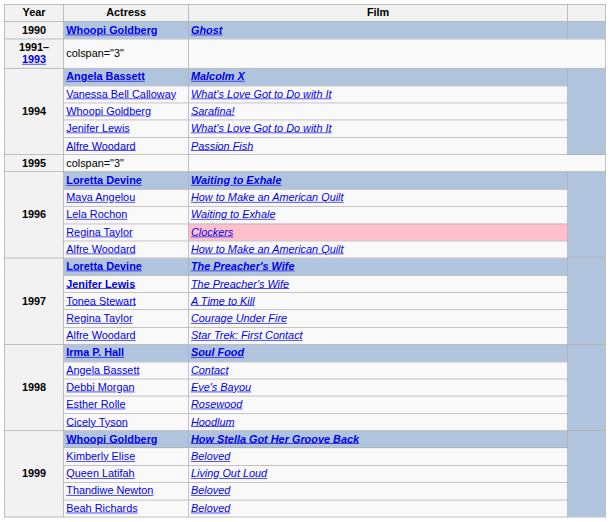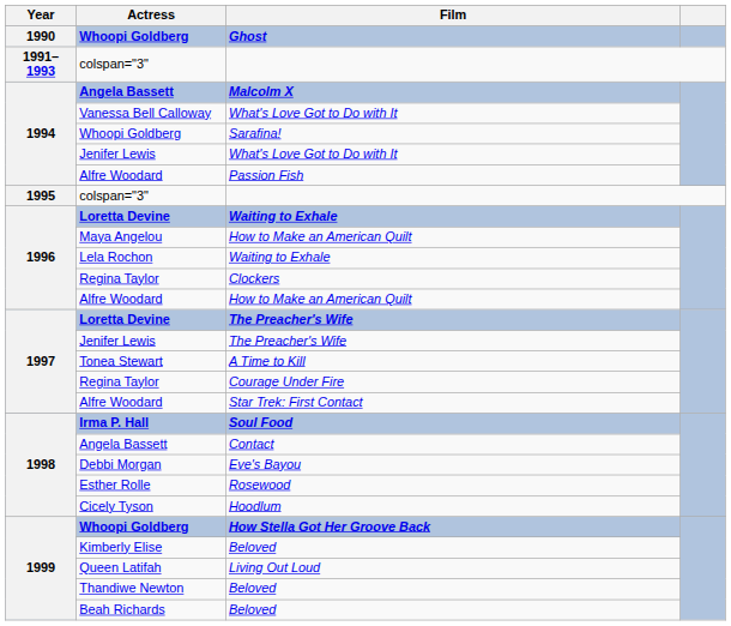 <table class="wikitable" style="width:70%;">
 <tr style="background:#bebebe;">
 <th scope="col" style="width:5em;">Year</th>
 <th scope="col" style="width:11em;">Actress</th>
 <th scope="col">Film</th>
 <th scope="col" style="width:3em;"></th>
 </tr>
 <tr style="background:#B0C4DE; font-weight:bold;">
 <th scope="row">1990</th>
 <td><a href='#'>Whoopi Goldberg</a></td>
 <td><em><a href='#'>Ghost</a></em></td>
 <td style="text-align:center;"></td>
 </tr>
 <tr>
 <th scope="row">1991–<a href='#'>1993</a></th>
 <td>colspan="3" </td>
 </tr>
 <tr style="background:#B0C4DE; font-weight:bold;">
 <th scope="row" rowspan="5">1994</th>
 <td><a href='#'>Angela Bassett</a></td>
 <td><em><a href='#'>Malcolm X</a></em></td>
 <td rowspan="5" style="text-align:center;"></td>
 </tr>
 <tr>
 <td><a href='#'>Vanessa Bell Calloway</a></td>
 <td><em><a href='#'>What's Love Got to Do with It</a></em></td>
 </tr>
 <tr>
 <td><a href='#'>Whoopi Goldberg</a></td>
 <td><em><a href='#'>Sarafina!</a></em></td>
 </tr>
 <tr>
 <td><a href='#'>Jenifer Lewis</a></td>
 <td><em><a href='#'>What's Love Got to Do with It</a></em></td>
 </tr>
 <tr>
 <td><a href='#'>Alfre Woodard</a></td>
 <td><em><a href='#'>Passion Fish</a></em></td>
 </tr>
 <tr>
 <th scope="row">1995</th>
 <td>colspan="3" </td>
 </tr>
 <tr style="background:#B0C4DE; font-weight:bold;">
 <th scope="row" rowspan="5">1996</th>
 <td><a href='#'>Loretta Devine</a></td>
 <td><em><a href='#'>Waiting to Exhale</a></em></td>
 <td rowspan="5" style="text-align:center;"></td>
 </tr>
 <tr>
 <td><a href='#'>Maya Angelou</a></td>
 <td><em><a href='#'>How to Make an American Quilt</a></em></td>
 </tr>
 <tr>
 <td><a href='#'>Lela Rochon</a></td>
 <td><em><a href='#'>Waiting to Exhale</a></em></td>
 </tr>
 <tr>
 <td><a href='#'>Regina Taylor</a></td>
-<td style="background: pink;"><em><a href='#'>Clockers</a></em></td>
+<td><em><a href='#'>Clockers</a></em></td>
 </tr>
 <tr>
 <td><a href='#'>Alfre Woodard</a></td>
 <td><em><a href='#'>How to Make an American Quilt</a></em></td>
 </tr>
 <tr style="background:#B0C4DE; font-weight:bold;">
 <th scope="row" rowspan="5">1997</th>
 <td><a href='#'>Loretta Devine</a></td>
 <td><em><a href='#'>The Preacher's Wife</a></em></td>
 <td rowspan="5" style="text-align:center;"></td>
 </tr>
 <tr>
-<td><strong><a href='#'>Jenifer Lewis</a></strong></td>
+<td><a href='#'>Jenifer Lewis</a></td>
 <td><em><a href='#'>The Preacher's Wife</a></em></td>
 </tr>
 <tr>
 <td><a href='#'>Tonea Stewart</a></td>
 <td><em><a href='#'>A Time to Kill</a></em></td>
 </tr>
 <tr>
 <td><a href='#'>Regina Taylor</a></td>
 <td><em><a href='#'>Courage Under Fire</a></em></td>
 </tr>
 <tr>
 <td><a href='#'>Alfre Woodard</a></td>
 <td><em><a href='#'>Star Trek: First Contact</a></em></td>
 </tr>
 <tr style="background:#B0C4DE; font-weight:bold;">
 <th scope="row" rowspan="5">1998</th>
 <td><a href='#'>Irma P. Hall</a></td>
 <td><em><a href='#'>Soul Food</a></em></td>
 <td rowspan="5" style="text-align:center;"></td>
 </tr>
 <tr>
 <td><a href='#'>Angela Bassett</a></td>
 <td><em><a href='#'>Contact</a></em></td>
 </tr>
 <tr>
 <td><a href='#'>Debbi Morgan</a></td>
 <td><em><a href='#'>Eve's Bayou</a></em></td>
 </tr>
 <tr>
 <td><a href='#'>Esther Rolle</a></td>
 <td><em><a href='#'>Rosewood</a></em></td>
 </tr>
 <tr>
 <td><a href='#'>Cicely Tyson</a></td>
 <td><em><a href='#'>Hoodlum</a></em></td>
 </tr>
 <tr style="background:#B0C4DE; font-weight:bold;">
 <th scope="row" rowspan="5">1999</th>
 <td><a href='#'>Whoopi Goldberg</a></td>
 <td><em><a href='#'>How Stella Got Her Groove Back</a></em></td>
 <td rowspan="5" style="text-align:center;"></td>
 </tr>
 <tr>
 <td><a href='#'>Kimberly Elise</a></td>
 <td><em><a href='#'>Beloved</a></em></td>
 </tr>
 <tr>
 <td><a href='#'>Queen Latifah</a></td>
 <td><em><a href='#'>Living Out Loud</a></em></td>
 </tr>
 <tr>
 <td><a href='#'>Thandiwe Newton</a></td>
 <td><em><a href='#'>Beloved</a></em></td>
 </tr>
 <tr>
 <td><a href='#'>Beah Richards</a></td>
 <td><em><a href='#'>Beloved</a></em></td>
 </tr>
 </table>
